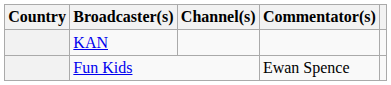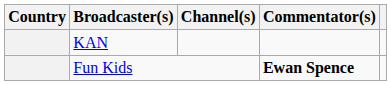 <table class="wikitable plainrowheaders">
 <tr>
 <th scope="col">Country</th>
 <th scope="col">Broadcaster(s)</th>
 <th>Channel(s)</th>
 <th scope="col">Commentator(s)</th>
 <th scope="col"></th>
 </tr>
 <tr>
 <th scope="row"></th>
 <td><a href='#'>KAN</a></td>
 <td></td>
 <td></td>
 <td></td>
 </tr>
 <tr>
 <th scope="row"></th>
 <td colspan="2"><a href='#'>Fun Kids</a></td>
-<td>Ewan Spence</td>
+<td><strong>Ewan Spence</strong></td>
 <td></td>
 </tr>
 </table>
